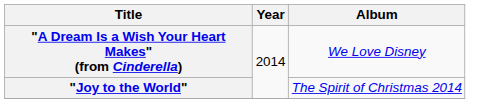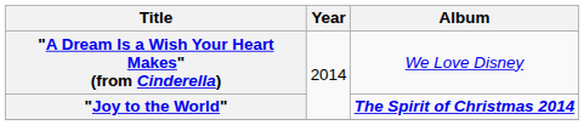 <table class="wikitable plainrowheaders" style="text-align:center;">
 <tr>
 <th scope="col" style="width:18em;">Title</th>
 <th scope="col" style="width:1em;">Year</th>
 <th scope="col">Album</th>
 </tr>
 <tr>
 <th scope="row">"<a href='#'>A Dream Is a Wish Your Heart Makes</a>"<br><span>(from <em><a href='#'>Cinderella</a></em>)</span></th>
 <td rowspan="2">2014</td>
 <td><em><a href='#'>We Love Disney</a></em></td>
 </tr>
 <tr>
 <th scope="row">"<a href='#'>Joy to the World</a>"</th>
-<td><em><a href='#'>The Spirit of Christmas 2014</a></em></td>
+<td><strong><em><a href='#'>The Spirit of Christmas 2014</a></em></strong></td>
 </tr>
 <tr>
 </tr>
 </table>
